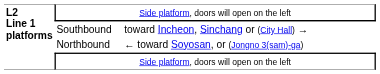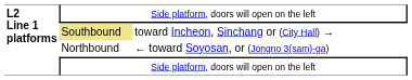 <table table border=0 cellspacing=0 cellpadding=3>
 <tr>
 <td style="border-top:solid 1px gray;border-bottom:solid 1px gray;" width=50 rowspan=10 valign=top><strong>L2<br>Line 1 platforms</strong></td>
 <td style="border-top:solid 1px gray;border-right:solid 2px black;border-left:solid 2px black;border-bottom:solid 2px black;text-align:center;" colspan=2><small><a href='#'>Side platform</a>, doors will open on the left</small></td>
 </tr>
 <tr>
-<td style="border-bottom:solid 0px gray;border-top:solid 1px gray;" width=100>Southbound</td>
+<td style="background: khaki; border-bottom:solid 0px gray;border-top:solid 1px gray;" width=100>Southbound</td>
 <td style="border-bottom:solid 0px gray;border-top:solid 1px gray;" width=390>  toward <a href='#'>Incheon</a>, <a href='#'>Sinchang</a> or  <small>(<a href='#'>City Hall</a>)</small> →</td>
 </tr>
 <tr>
 <td>Northbound</td>
 <td>←  toward <a href='#'>Soyosan</a>,  or  <small>(<a href='#'>Jongno 3(sam)-ga</a>)</small></td>
 </tr>
 <tr>
 <td style="border-top:solid 2px black;border-right:solid 2px black;border-left:solid 2px black;border-bottom:solid 1px gray;text-align:center;" colspan=2><small><a href='#'>Side platform</a>, doors will open on the left</small></td>
 </tr>
 </table>
